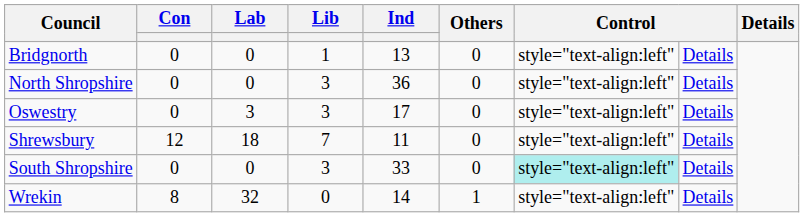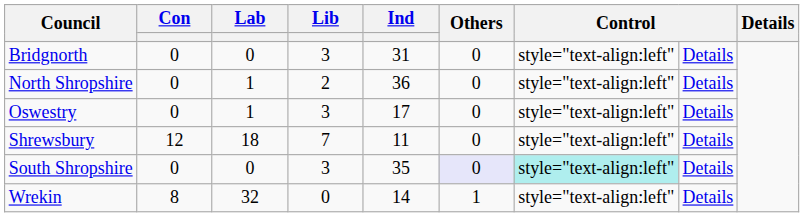 <table class="wikitable" style="text-align:center;">
 <tr>
 <th rowspan=2>Council</th>
 <th style="width:60px;"><a href='#'>Con</a></th>
 <th style="width:60px;"><a href='#'>Lab</a></th>
 <th style="width:60px;"><a href='#'>Lib</a></th>
 <th style="width:60px;"><a href='#'>Ind</a></th>
 <th style="width:60px;" rowspan=2>Others</th>
 <th rowspan=2 colspan=2>Control</th>
 <th rowspan=2>Details</th>
 </tr>
 <tr>
 <th style="background:"></th>
 <th style="background:"></th>
 <th style="background:"></th>
 <th style="background:"></th>
 </tr>
 <tr>
 <td style="text-align:left"><a href='#'>Bridgnorth</a></td>
 <td>0</td>
 <td>0</td>
-<td>1</td>
-<td>13</td>
+<td>3</td>
+<td>31</td>
 <td>0</td>
 <td>style="text-align:left" </td>
 <td style="text-align:left"><a href='#'>Details</a></td>
 </tr>
 <tr>
 <td style="text-align:left"><a href='#'>North Shropshire</a></td>
 <td>0</td>
-<td>0</td>
-<td>3</td>
+<td>1</td>
+<td>2</td>
 <td>36</td>
 <td>0</td>
 <td>style="text-align:left" </td>
 <td style="text-align:left"><a href='#'>Details</a></td>
 </tr>
 <tr>
 <td style="text-align:left"><a href='#'>Oswestry</a></td>
 <td>0</td>
-<td>3</td>
+<td>1</td>
 <td>3</td>
 <td>17</td>
 <td>0</td>
 <td>style="text-align:left" </td>
 <td style="text-align:left"><a href='#'>Details</a></td>
 </tr>
 <tr>
 <td style="text-align:left"><a href='#'>Shrewsbury</a></td>
 <td>12</td>
 <td>18</td>
 <td>7</td>
 <td>11</td>
 <td>0</td>
 <td>style="text-align:left" </td>
 <td style="text-align:left"><a href='#'>Details</a></td>
 </tr>
 <tr>
 <td style="text-align:left"><a href='#'>South Shropshire</a></td>
 <td>0</td>
 <td>0</td>
 <td>3</td>
-<td>33</td>
-<td>0</td>
+<td>35</td>
+<td style="background: lavender;">0</td>
 <td style="background: paleturquoise;">style="text-align:left" </td>
 <td style="text-align:left"><a href='#'>Details</a></td>
 </tr>
 <tr>
 <td style="text-align:left"><a href='#'>Wrekin</a></td>
 <td>8</td>
 <td>32</td>
 <td>0</td>
 <td>14</td>
 <td>1</td>
 <td>style="text-align:left" </td>
 <td style="text-align:left"><a href='#'>Details</a></td>
 </tr>
 </table>
